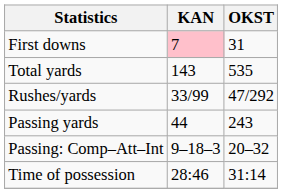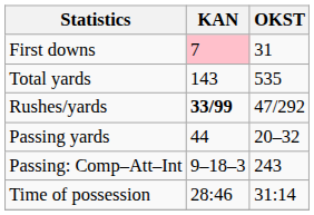 <table class="wikitable" style="float: left;">
 <tr>
 <th>Statistics</th>
 <th>KAN</th>
 <th>OKST</th>
 </tr>
 <tr>
 <td>First downs</td>
 <td style="background: pink;">7</td>
 <td>31</td>
 </tr>
 <tr>
 <td>Total yards</td>
 <td>143</td>
 <td>535</td>
 </tr>
 <tr>
 <td>Rushes/yards</td>
-<td>33/99</td>
+<td><strong>33/99</strong></td>
 <td>47/292</td>
 </tr>
 <tr>
 <td>Passing yards</td>
 <td>44</td>
-<td>243</td>
+<td>20–32</td>
 </tr>
 <tr>
 <td>Passing: Comp–Att–Int</td>
 <td>9–18–3</td>
-<td>20–32</td>
+<td>243</td>
 </tr>
 <tr>
 <td>Time of possession</td>
 <td>28:46</td>
 <td>31:14</td>
 </tr>
 <tr>
 </tr>
 </table>
